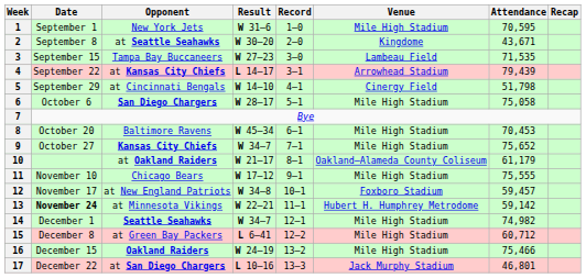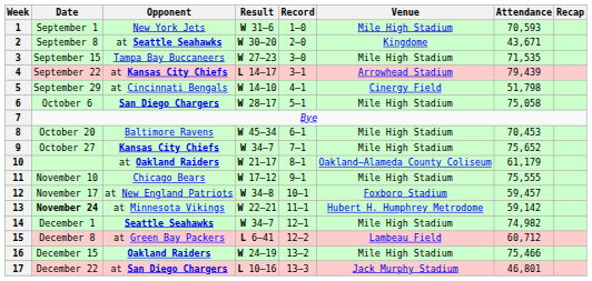 <table class="wikitable" style="text-align:center">
 <tr>
 <th>Week</th>
 <th>Date</th>
 <th>Opponent</th>
 <th>Result</th>
 <th>Record</th>
 <th>Venue</th>
 <th>Attendance</th>
 <th>Recap</th>
 </tr>
 <tr style="background: #cfc;">
 <th>1</th>
 <td>September 1</td>
 <td><a href='#'>New York Jets</a></td>
 <td><strong>W</strong> 31–6</td>
 <td>1–0</td>
 <td><a href='#'>Mile High Stadium</a></td>
-<td><div>70,595</div></td>
+<td><div>70,593</div></td>
 <td></td>
 </tr>
 <tr style="background: #cfc;">
 <th>2</th>
 <td>September 8</td>
 <td>at <strong><a href='#'>Seattle Seahawks</a></strong></td>
 <td><strong>W</strong> 30–20</td>
 <td>2–0</td>
 <td><a href='#'>Kingdome</a></td>
 <td><div>43,671</div></td>
 <td></td>
 </tr>
 <tr style="background: #cfc;">
 <th>3</th>
 <td>September 15</td>
 <td><a href='#'>Tampa Bay Buccaneers</a></td>
 <td><strong>W</strong> 27–23</td>
 <td>3–0</td>
-<td><a href='#'>Lambeau Field</a></td>
+<td>Mile High Stadium</td>
 <td><div>71,535</div></td>
 <td></td>
 </tr>
 <tr style="background: #fcc;">
 <th>4</th>
 <td>September 22</td>
 <td>at <strong><a href='#'>Kansas City Chiefs</a></strong></td>
 <td><strong>L</strong> 14–17</td>
 <td>3–1</td>
 <td><a href='#'>Arrowhead Stadium</a></td>
 <td><div>79,439</div></td>
 <td></td>
 </tr>
 <tr style="background: #cfc;">
 <th>5</th>
 <td>September 29</td>
 <td>at <a href='#'>Cincinnati Bengals</a></td>
 <td><strong>W</strong> 14–10</td>
 <td>4–1</td>
 <td><a href='#'>Cinergy Field</a></td>
 <td><div>51,798</div></td>
 <td></td>
 </tr>
 <tr style="background: #cfc;">
 <th>6</th>
 <td>October 6</td>
 <td><strong><a href='#'>San Diego Chargers</a></strong></td>
 <td><strong>W</strong> 28–17</td>
 <td>5–1</td>
 <td>Mile High Stadium</td>
 <td><div>75,058</div></td>
 <td></td>
 </tr>
 <tr>
 <th>7</th>
 <td colspan="7"><em><a href='#'>Bye</a></em></td>
 </tr>
 <tr style="background: #cfc;">
 <th>8</th>
 <td>October 20</td>
 <td><a href='#'>Baltimore Ravens</a></td>
 <td><strong>W</strong> 45–34</td>
 <td>6–1</td>
 <td>Mile High Stadium</td>
 <td><div>70,453</div></td>
 <td></td>
 </tr>
 <tr style="background: #cfc;">
 <th>9</th>
 <td>October 27</td>
 <td><strong><a href='#'>Kansas City Chiefs</a></strong></td>
 <td><strong>W</strong> 34–7</td>
 <td>7–1</td>
 <td>Mile High Stadium</td>
 <td><div>75,652</div></td>
 <td></td>
 </tr>
 <tr style="background: #cfc;">
 <th>10</th>
 <td></td>
 <td>at <strong><a href='#'>Oakland Raiders</a></strong></td>
 <td><strong>W</strong> 21–17</td>
 <td>8–1</td>
 <td><a href='#'>Oakland–Alameda County Coliseum</a></td>
 <td><div>61,179</div></td>
 <td></td>
 </tr>
 <tr style="background: #cfc;">
 <th>11</th>
 <td>November 10</td>
 <td><a href='#'>Chicago Bears</a></td>
 <td><strong>W</strong> 17–12</td>
 <td>9–1</td>
 <td>Mile High Stadium</td>
 <td><div>75,555</div></td>
 <td></td>
 </tr>
 <tr style="background: #cfc;">
 <th>12</th>
 <td>November 17</td>
 <td>at <a href='#'>New England Patriots</a></td>
 <td><strong>W</strong> 34–8</td>
 <td>10–1</td>
 <td><a href='#'>Foxboro Stadium</a></td>
 <td><div>59,457</div></td>
 <td></td>
 </tr>
 <tr style="background: #cfc;">
 <th>13</th>
 <td><strong>November 24</strong></td>
 <td>at <a href='#'>Minnesota Vikings</a></td>
 <td><strong>W</strong> 22–21</td>
 <td>11–1</td>
 <td><a href='#'>Hubert H. Humphrey Metrodome</a></td>
 <td><div>59,142</div></td>
 <td></td>
 </tr>
 <tr style="background: #cfc;">
 <th>14</th>
 <td>December 1</td>
 <td><strong><a href='#'>Seattle Seahawks</a></strong></td>
 <td><strong>W</strong> 34–7</td>
 <td>12–1</td>
 <td>Mile High Stadium</td>
 <td><div>74,982</div></td>
 <td></td>
 </tr>
 <tr style="background: #fcc;">
 <th>15</th>
 <td>December 8</td>
 <td>at <a href='#'>Green Bay Packers</a></td>
 <td><strong>L</strong> 6–41</td>
 <td>12–2</td>
-<td>Mile High Stadium</td>
+<td><a href='#'>Lambeau Field</a></td>
 <td><div>60,712</div></td>
 <td></td>
 </tr>
 <tr style="background: #cfc;">
 <th>16</th>
 <td>December 15</td>
 <td><strong><a href='#'>Oakland Raiders</a></strong></td>
 <td><strong>W</strong> 24–19</td>
 <td>13–2</td>
 <td>Mile High Stadium</td>
 <td><div>75,466</div></td>
 <td></td>
 </tr>
 <tr style="background: #fcc;">
 <th>17</th>
 <td>December 22</td>
 <td>at <strong><a href='#'>San Diego Chargers</a></strong></td>
 <td><strong>L</strong> 10–16</td>
 <td>13–3</td>
 <td><a href='#'>Jack Murphy Stadium</a></td>
 <td><div>46,801</div></td>
 <td></td>
 </tr>
 </table>
